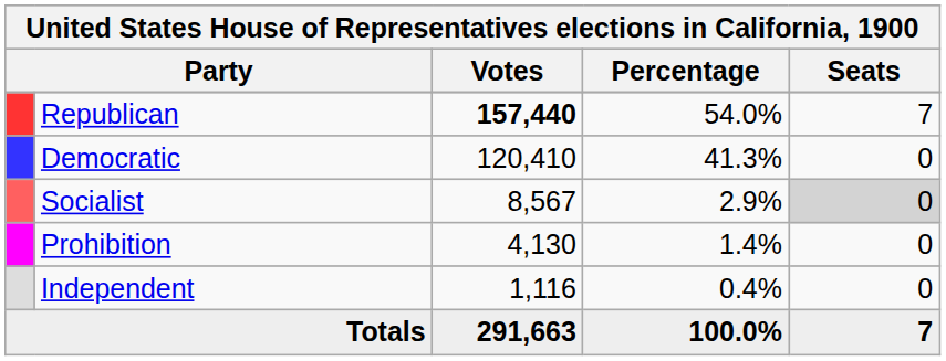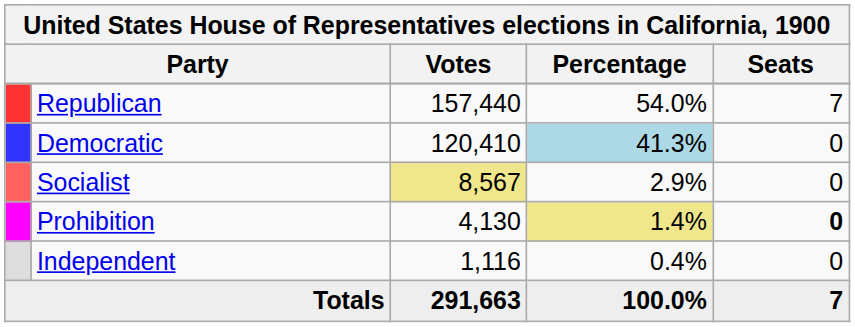 <table class="wikitable" style="font-size: 95%;">
 <tr>
 <th colspan="6">United States House of Representatives elections in California, 1900</th>
 </tr>
 <tr>
 <th colspan=2 style="width: 15em">Party</th>
 <th style="width: 5em">Votes</th>
 <th style="width: 7em">Percentage</th>
 <th style="width: 5em">Seats</th>
 </tr>
 <tr>
 </tr>
 <tr>
 <th style="background-color:#FF3333; width: 3px"></th>
 <td style="width: 130px"><a href='#'>Republican</a></td>
-<td align="right"><strong>157,440</strong></td>
+<td align="right">157,440</td>
 <td align="right">54.0%</td>
 <td align="right">7</td>
 </tr>
 <tr>
 <th style="background-color:#3333FF; width: 3px"></th>
 <td style="width: 130px"><a href='#'>Democratic</a></td>
 <td align="right">120,410</td>
-<td align="right">41.3%</td>
+<td align="right" style="background: lightblue;">41.3%</td>
 <td align="right">0</td>
 </tr>
 <tr>
 <th style="background-color:#FF6060; width: 3px"></th>
 <td style="width: 130px"><a href='#'>Socialist</a></td>
-<td align="right">8,567</td>
+<td align="right" style="background: khaki;">8,567</td>
 <td align="right">2.9%</td>
-<td align="right" style="background: lightgrey;">0</td>
+<td align="right">0</td>
 </tr>
 <tr>
 <th style="background-color:#FF00FF; width: 3px"></th>
 <td style="width: 130px"><a href='#'>Prohibition</a></td>
 <td align="right">4,130</td>
-<td align="right">1.4%</td>
-<td align="right">0</td>
+<td align="right" style="background: khaki;">1.4%</td>
+<td align="right"><strong>0</strong></td>
 </tr>
 <tr>
 <th style="background-color:#DDDDDD; width: 3px"></th>
 <td style="width: 130px"><a href='#'>Independent</a></td>
 <td align="right">1,116</td>
 <td align="right">0.4%</td>
 <td align="right">0</td>
 </tr>
 <tr bgcolor="#EEEEEE">
 <td colspan="2" align="right"><strong>Totals</strong></td>
 <td align="right"><strong>291,663</strong></td>
 <td align="right"><strong>100.0%</strong></td>
 <td align="right"><strong>7</strong></td>
 </tr>
 </table>
